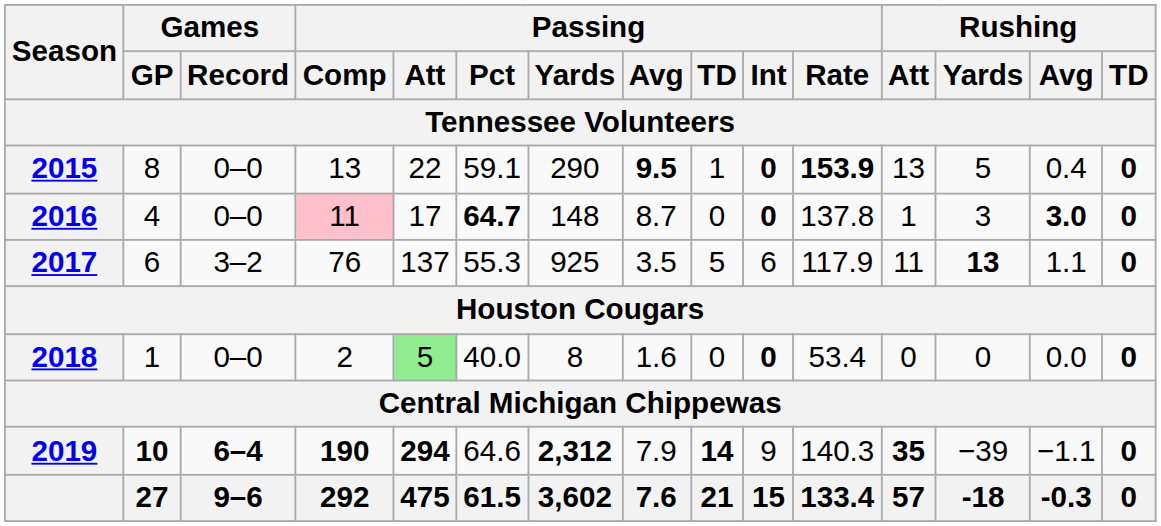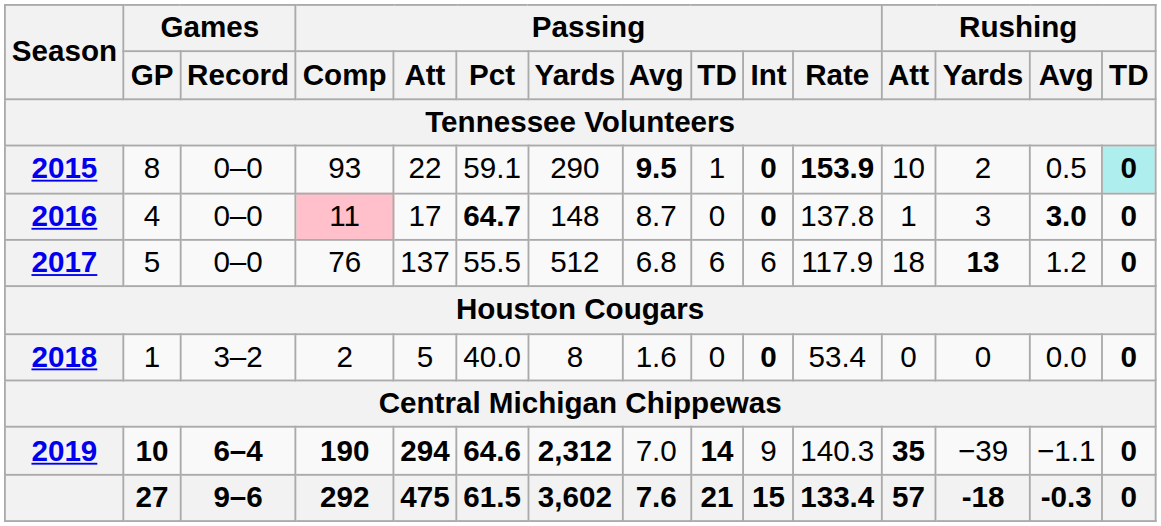 <table class="wikitable" style="text-align:center;">
 <tr>
 <th rowspan="2">Season</th>
 <th colspan="2">Games</th>
 <th colspan="8">Passing</th>
 <th colspan="4">Rushing</th>
 </tr>
 <tr>
 <th>GP</th>
 <th>Record</th>
 <th>Comp</th>
 <th>Att</th>
 <th>Pct</th>
 <th>Yards</th>
 <th>Avg</th>
 <th>TD</th>
 <th>Int</th>
 <th>Rate</th>
 <th>Att</th>
 <th>Yards</th>
 <th>Avg</th>
 <th>TD</th>
 </tr>
 <tr>
 <th colspan="16">Tennessee Volunteers</th>
 </tr>
 <tr>
 <th><a href='#'>2015</a></th>
 <td>8</td>
 <td>0–0</td>
-<td>13</td>
+<td>93</td>
 <td>22</td>
 <td>59.1</td>
 <td>290</td>
 <td><strong>9.5</strong></td>
 <td>1</td>
 <td><strong>0</strong></td>
 <td><strong>153.9</strong></td>
-<td>13</td>
-<td>5</td>
-<td>0.4</td>
-<td><strong>0</strong></td>
+<td>10</td>
+<td>2</td>
+<td>0.5</td>
+<td style="background: paleturquoise;"><strong>0</strong></td>
 </tr>
 <tr>
 <th><a href='#'>2016</a></th>
 <td>4</td>
 <td>0–0</td>
 <td style="background: pink;">11</td>
 <td>17</td>
 <td><strong>64.7</strong></td>
 <td>148</td>
 <td>8.7</td>
 <td>0</td>
 <td><strong>0</strong></td>
 <td>137.8</td>
 <td>1</td>
 <td>3</td>
 <td><strong>3.0</strong></td>
 <td><strong>0</strong></td>
 </tr>
 <tr>
 <th><a href='#'>2017</a></th>
-<td>6</td>
-<td>3–2</td>
+<td>5</td>
+<td>0–0</td>
 <td>76</td>
 <td>137</td>
-<td>55.3</td>
-<td>925</td>
-<td>3.5</td>
-<td>5</td>
+<td>55.5</td>
+<td>512</td>
+<td>6.8</td>
+<td>6</td>
 <td>6</td>
 <td>117.9</td>
-<td>11</td>
+<td>18</td>
 <td><strong>13</strong></td>
-<td>1.1</td>
+<td>1.2</td>
 <td><strong>0</strong></td>
 </tr>
 <tr>
 <th colspan="16">Houston Cougars</th>
 </tr>
 <tr>
 <th><a href='#'>2018</a></th>
 <td>1</td>
-<td>0–0</td>
+<td>3–2</td>
 <td>2</td>
-<td style="background: lightgreen;">5</td>
+<td>5</td>
 <td>40.0</td>
 <td>8</td>
 <td>1.6</td>
 <td>0</td>
 <td><strong>0</strong></td>
 <td>53.4</td>
 <td>0</td>
 <td>0</td>
 <td>0.0</td>
 <td><strong>0</strong></td>
 </tr>
 <tr>
 <th colspan="16">Central Michigan Chippewas</th>
 </tr>
 <tr>
 <th><a href='#'>2019</a></th>
 <td><strong>10</strong></td>
 <td><strong>6–4</strong></td>
 <td><strong>190</strong></td>
 <td><strong>294</strong></td>
-<td>64.6</td>
+<td><strong>64.6</strong></td>
 <td><strong>2,312</strong></td>
-<td>7.9</td>
+<td>7.0</td>
 <td><strong>14</strong></td>
 <td>9</td>
 <td>140.3</td>
 <td><strong>35</strong></td>
 <td>−39</td>
 <td>−1.1</td>
 <td><strong>0</strong></td>
 </tr>
 <tr>
 <th></th>
 <th>27</th>
 <th>9–6</th>
 <th>292</th>
 <th>475</th>
 <th>61.5</th>
 <th>3,602</th>
 <th>7.6</th>
 <th>21</th>
 <th>15</th>
 <th>133.4</th>
 <th>57</th>
 <th>-18</th>
 <th>-0.3</th>
 <th>0</th>
 </tr>
 </table>
